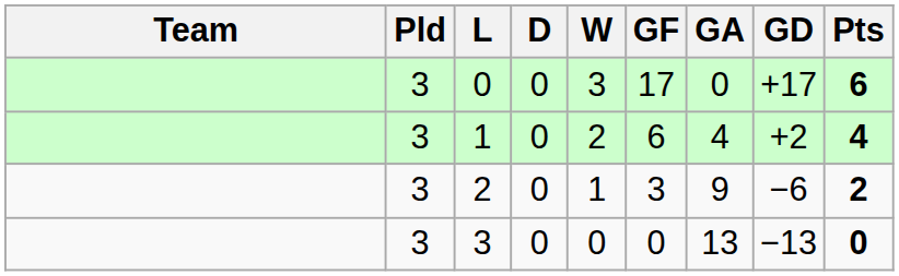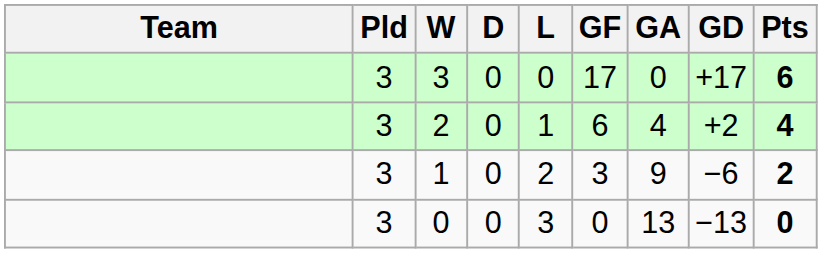 <table class="wikitable" style="text-align: center;">
 <tr>
 <th width=175>Team</th>
 <th width=20>Pld</th>
+<th width=20>W</th>
+<th width=20>D</th>
 <th width=20>L</th>
-<th width=20>D</th>
-<th width=20>W</th>
 <th width=20>GF</th>
 <th width=20>GA</th>
 <th width=20>GD</th>
 <th width=20>Pts</th>
 </tr>
 <tr style="background:#ccffcc;">
 <td style="text-align:left;"></td>
 <td>3</td>
+<td>3</td>
 <td>0</td>
 <td>0</td>
-<td>3</td>
 <td>17</td>
 <td>0</td>
 <td>+17</td>
 <td><strong>6</strong></td>
 </tr>
 <tr style="background:#ccffcc;">
 <td style="text-align:left;"></td>
 <td>3</td>
+<td>2</td>
+<td>0</td>
 <td>1</td>
-<td>0</td>
-<td>2</td>
 <td>6</td>
 <td>4</td>
 <td>+2</td>
 <td><strong>4</strong></td>
 </tr>
 <tr>
 <td style="text-align:left;"></td>
 <td>3</td>
+<td>1</td>
+<td>0</td>
 <td>2</td>
-<td>0</td>
-<td>1</td>
 <td>3</td>
 <td>9</td>
 <td>−6</td>
 <td><strong>2</strong></td>
 </tr>
 <tr>
 <td style="text-align:left;"></td>
 <td>3</td>
-<td>3</td>
 <td>0</td>
 <td>0</td>
+<td>3</td>
 <td>0</td>
 <td>13</td>
 <td>−13</td>
 <td><strong>0</strong></td>
 </tr>
 </table>
